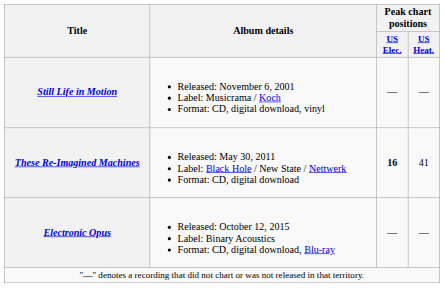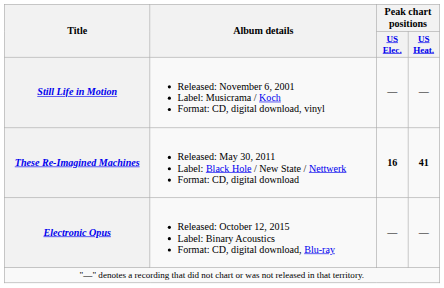 <table class="wikitable plainrowheaders">
 <tr>
 <th style="width:14em;" rowspan="2">Title</th>
 <th style="width:22em;" rowspan="2">Album details</th>
 <th colspan="2">Peak chart positions</th>
 </tr>
 <tr>
 <th scope="col" style="width:3em;font-size:90%;"><a href='#'>US Elec.</a></th>
 <th scope="col" style="width:3em;font-size:90%;"><a href='#'>US Heat.</a></th>
 </tr>
 <tr>
 <th scope="row"><em><a href='#'>Still Life in Motion</a></em></th>
 <td><br><ul><li>Released: November 6, 2001</li><li>Label: Musicrama / <a href='#'>Koch</a></li><li>Format: CD, digital download, vinyl</li></ul></td>
 <td align="center">—</td>
 <td align="center">—</td>
 </tr>
 <tr>
 <th scope="row"><em><a href='#'>These Re-Imagined Machines</a></em></th>
 <td><br><ul><li>Released: May 30, 2011</li><li>Label: <a href='#'>Black Hole</a> / New State / <a href='#'>Nettwerk</a></li><li>Format: CD, digital download</li></ul></td>
 <td align="center"><strong>16</strong></td>
-<td align="center">41</td>
+<td align="center"><strong>41</strong></td>
 </tr>
 <tr>
 <th scope="row"><em><a href='#'>Electronic Opus</a></em></th>
 <td><br><ul><li>Released: October 12, 2015</li><li>Label: Binary Acoustics</li><li>Format: CD, digital download, <a href='#'>Blu-ray</a></li></ul></td>
 <td align="center">—</td>
 <td align="center">—</td>
 </tr>
 <tr>
 <td colspan="11" style="font-size:90%" align="center">"—" denotes a recording that did not chart or was not released in that territory.</td>
 </tr>
 </table>
